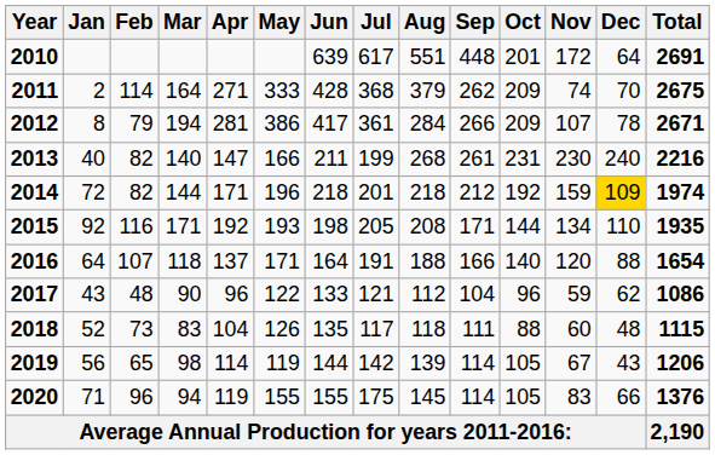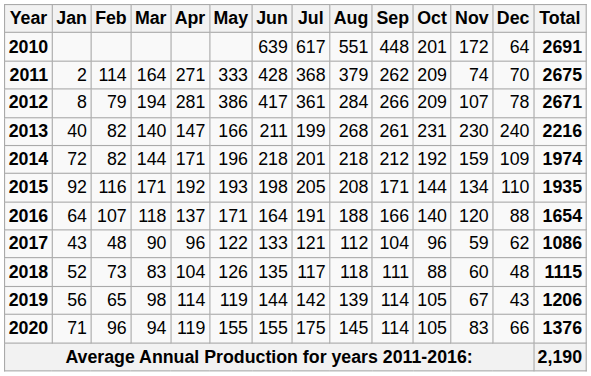 <table class=wikitable>
 <tr>
 <th>Year</th>
 <th>Jan</th>
 <th>Feb</th>
 <th>Mar</th>
 <th>Apr</th>
 <th>May</th>
 <th>Jun</th>
 <th>Jul</th>
 <th>Aug</th>
 <th>Sep</th>
 <th>Oct</th>
 <th>Nov</th>
 <th>Dec</th>
 <th>Total</th>
 </tr>
 <tr align=right>
 <td><strong>2010</strong></td>
 <td></td>
 <td></td>
 <td></td>
 <td></td>
 <td></td>
 <td>639</td>
 <td>617</td>
 <td>551</td>
 <td>448</td>
 <td>201</td>
 <td>172</td>
 <td>64</td>
 <td><strong>2691</strong></td>
 </tr>
 <tr align=right>
 <td><strong>2011</strong></td>
 <td>2</td>
 <td>114</td>
 <td>164</td>
 <td>271</td>
 <td>333</td>
 <td>428</td>
 <td>368</td>
 <td>379</td>
 <td>262</td>
 <td>209</td>
 <td>74</td>
 <td>70</td>
 <td><strong>2675</strong></td>
 </tr>
 <tr align=right>
 <td><strong>2012</strong></td>
 <td>8</td>
 <td>79</td>
 <td>194</td>
 <td>281</td>
 <td>386</td>
 <td>417</td>
 <td>361</td>
 <td>284</td>
 <td>266</td>
 <td>209</td>
 <td>107</td>
 <td>78</td>
 <td><strong>2671</strong></td>
 </tr>
 <tr align=right>
 <td><strong>2013</strong></td>
 <td>40</td>
 <td>82</td>
 <td>140</td>
 <td>147</td>
 <td>166</td>
 <td>211</td>
 <td>199</td>
 <td>268</td>
 <td>261</td>
 <td>231</td>
 <td>230</td>
 <td>240</td>
 <td><strong>2216</strong></td>
 </tr>
 <tr align=right>
 <td><strong>2014</strong></td>
 <td>72</td>
 <td>82</td>
 <td>144</td>
 <td>171</td>
 <td>196</td>
 <td>218</td>
 <td>201</td>
 <td>218</td>
 <td>212</td>
 <td>192</td>
 <td>159</td>
-<td style="background: gold;">109</td>
+<td>109</td>
 <td><strong>1974</strong></td>
 </tr>
 <tr align=right>
 <td><strong>2015</strong></td>
 <td>92</td>
 <td>116</td>
 <td>171</td>
 <td>192</td>
 <td>193</td>
 <td>198</td>
 <td>205</td>
 <td>208</td>
 <td>171</td>
 <td>144</td>
 <td>134</td>
 <td>110</td>
 <td><strong>1935</strong></td>
 </tr>
 <tr align=right>
 <td><strong>2016</strong></td>
 <td>64</td>
 <td>107</td>
 <td>118</td>
 <td>137</td>
 <td>171</td>
 <td>164</td>
 <td>191</td>
 <td>188</td>
 <td>166</td>
 <td>140</td>
 <td>120</td>
 <td>88</td>
 <td><strong>1654</strong></td>
 </tr>
 <tr align=right>
 <td><strong>2017</strong></td>
 <td>43</td>
 <td>48</td>
 <td>90</td>
 <td>96</td>
 <td>122</td>
 <td>133</td>
 <td>121</td>
 <td>112</td>
 <td>104</td>
 <td>96</td>
 <td>59</td>
 <td>62</td>
 <td><strong>1086</strong></td>
 </tr>
 <tr align=right>
 <td><strong>2018</strong></td>
 <td>52</td>
 <td>73</td>
 <td>83</td>
 <td>104</td>
 <td>126</td>
 <td>135</td>
 <td>117</td>
 <td>118</td>
 <td>111</td>
 <td>88</td>
 <td>60</td>
 <td>48</td>
 <td><strong>1115</strong></td>
 </tr>
 <tr align=right>
 <td><strong>2019</strong></td>
 <td>56</td>
 <td>65</td>
 <td>98</td>
 <td>114</td>
 <td>119</td>
 <td>144</td>
 <td>142</td>
 <td>139</td>
 <td>114</td>
 <td>105</td>
 <td>67</td>
 <td>43</td>
 <td><strong>1206</strong></td>
 </tr>
 <tr align=right>
 <td><strong>2020</strong></td>
 <td>71</td>
 <td>96</td>
 <td>94</td>
 <td>119</td>
 <td>155</td>
 <td>155</td>
 <td>175</td>
 <td>145</td>
 <td>114</td>
 <td>105</td>
 <td>83</td>
 <td>66</td>
 <td><strong>1376</strong></td>
 </tr>
 <tr align=right>
 <th colspan=13>Average Annual Production for years 2011-2016:</th>
 <th>2,190</th>
 </tr>
 </table>
